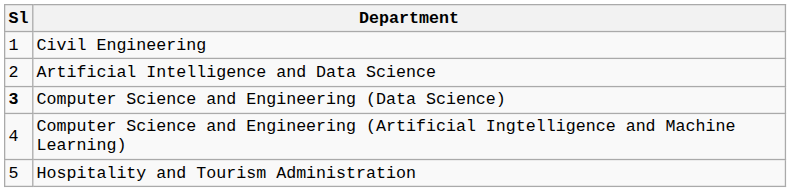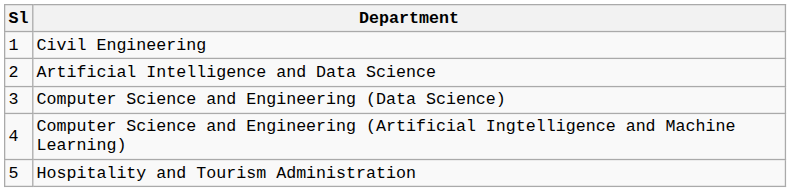 <table class="wikitable">
 <tr>
 <th><strong>Sl</strong></th>
 <th><strong>Department</strong></th>
 </tr>
 <tr>
 <td>1</td>
 <td>Civil Engineering</td>
 </tr>
 <tr>
 <td>2</td>
 <td>Artificial Intelligence and Data Science</td>
 </tr>
 <tr>
-<td><strong>3</strong></td>
+<td>3</td>
 <td>Computer Science and Engineering (Data Science)</td>
 </tr>
 <tr>
 <td>4</td>
 <td>Computer Science and Engineering (Artificial Ingtelligence and Machine Learning)</td>
 </tr>
 <tr>
 <td>5</td>
 <td>Hospitality and Tourism Administration</td>
 </tr>
 </table>
